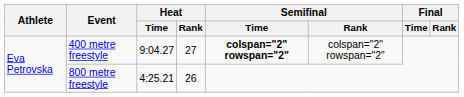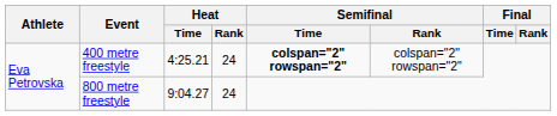 <table class="wikitable" style="text-align:center; font-size:90%; width:50%;">
 <tr>
 <th rowspan="2">Athlete</th>
 <th rowspan="2">Event</th>
 <th colspan="2">Heat</th>
 <th colspan="2">Semifinal</th>
 <th colspan="2">Final</th>
 </tr>
 <tr style="font-size:95%">
 <th>Time</th>
 <th>Rank</th>
 <th>Time</th>
 <th>Rank</th>
 <th>Time</th>
 <th>Rank</th>
 </tr>
 <tr>
 <td align=left rowspan=2><a href='#'>Eva Petrovska</a></td>
 <td align=left><a href='#'>400 metre freestyle</a></td>
-<td>9:04.27</td>
-<td>27</td>
+<td>4:25.21</td>
+<td>24</td>
 <td><strong>colspan="2" rowspan="2"</strong></td>
 <td>colspan="2" rowspan="2"</td>
 </tr>
 <tr>
 <td align=left><a href='#'>800 metre freestyle</a></td>
-<td>4:25.21</td>
-<td>26</td>
+<td>9:04.27</td>
+<td>24</td>
 </tr>
 </table>
